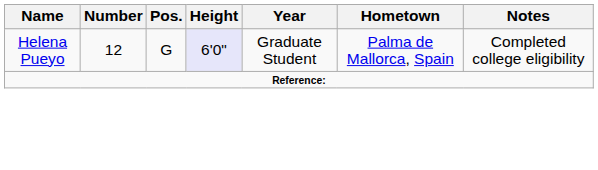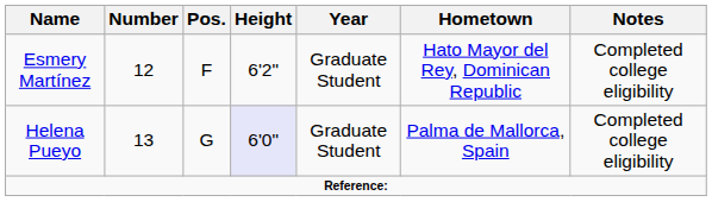 <table class="wikitable sortable" style="text-align: center">
 <tr align=center>
 <th>Name</th>
 <th>Number</th>
 <th>Pos.</th>
 <th>Height</th>
 <th>Year</th>
 <th>Hometown</th>
 <th>Notes</th>
 </tr>
 <tr>
+<td><a href='#'>Esmery Martínez</a></td>
+<td>12</td>
+<td>F</td>
+<td>6'2"</td>
+<td>Graduate Student</td>
+<td><a href='#'>Hato Mayor del Rey</a>, <a href='#'>Dominican Republic</a></td>
+<td>Completed college eligibility</td>
+</tr>
+<tr>
 <td><a href='#'>Helena Pueyo</a></td>
-<td>12</td>
+<td>13</td>
 <td>G</td>
 <td style="background: lavender;">6'0"</td>
 <td>Graduate Student</td>
 <td><a href='#'>Palma de Mallorca</a>, <a href='#'>Spain</a></td>
 <td>Completed college eligibility</td>
 </tr>
 <tr>
 <td colspan ="7" style="font-size:8pt; text-align:center;"><strong>Reference:</strong></td>
 </tr>
 </table>
